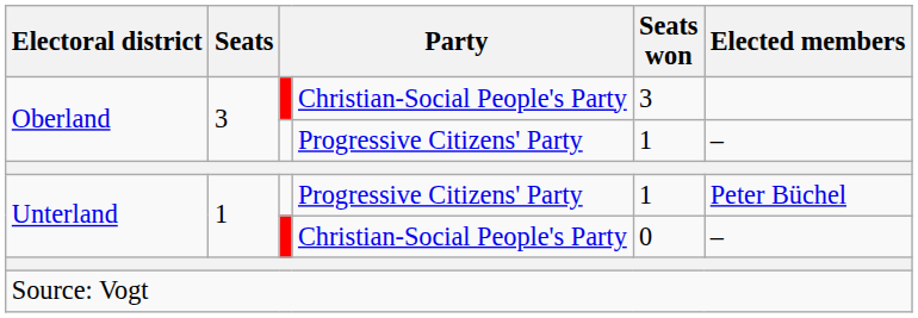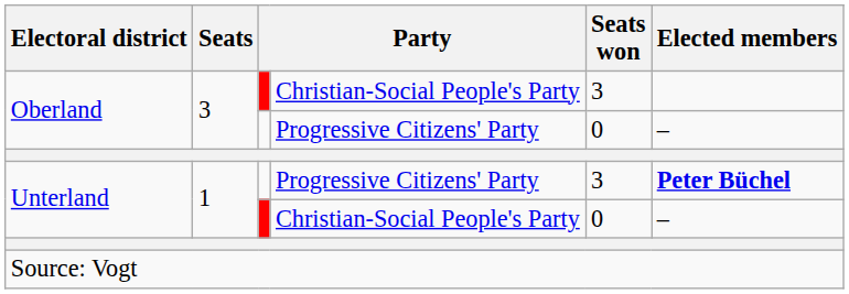 <table class="wikitable">
 <tr>
 <th>Electoral district</th>
 <th>Seats</th>
 <th colspan="2">Party</th>
 <th>Seats<br>won</th>
 <th>Elected members</th>
 </tr>
 <tr>
 <td rowspan="2"><a href='#'>Oberland</a></td>
 <td rowspan="2">3</td>
 <td style="color:inherit;background:#FF0000"></td>
 <td><a href='#'>Christian-Social People's Party</a></td>
 <td>3</td>
 <td></td>
 </tr>
 <tr>
 <td></td>
 <td><a href='#'>Progressive Citizens' Party</a></td>
-<td>1</td>
+<td>0</td>
 <td>–</td>
 </tr>
 <tr>
 <th colspan="6"></th>
 </tr>
 <tr>
 <td rowspan="2"><a href='#'>Unterland</a></td>
 <td rowspan="2">1</td>
 <td></td>
 <td><a href='#'>Progressive Citizens' Party</a></td>
-<td>1</td>
-<td><a href='#'>Peter Büchel</a></td>
+<td>3</td>
+<td><strong><a href='#'>Peter Büchel</a></strong></td>
 </tr>
 <tr>
 <td style="color:inherit;background:#FF0000"></td>
 <td><a href='#'>Christian-Social People's Party</a></td>
 <td>0</td>
 <td>–</td>
 </tr>
 <tr>
 <th colspan="6"></th>
 </tr>
 <tr>
 <td colspan="6">Source: Vogt</td>
 </tr>
 </table>
